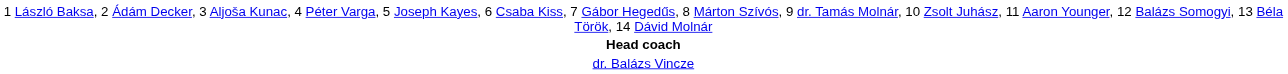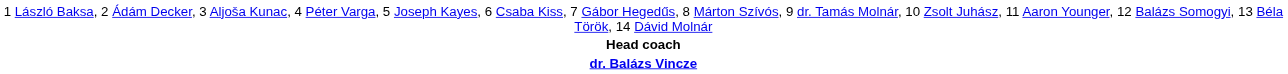 <table style="text-align: center; margin-top: 2em; margin-left: auto; margin-right: auto">
 <tr>
 <td>1 <a href='#'>László Baksa</a>, 2 <a href='#'>Ádám Decker</a>, 3 <a href='#'>Aljoša Kunac</a>, 4 <a href='#'>Péter Varga</a>, 5 <a href='#'>Joseph Kayes</a>, 6 <a href='#'>Csaba Kiss</a>, 7 <a href='#'>Gábor Hegedűs</a>, 8 <a href='#'>Márton Szívós</a>, 9 <a href='#'>dr. Tamás Molnár</a>, 10 <a href='#'>Zsolt Juhász</a>, 11 <a href='#'>Aaron Younger</a>, 12 <a href='#'>Balázs Somogyi</a>, 13 <a href='#'>Béla Török</a>, 14 <a href='#'>Dávid Molnár</a></td>
 </tr>
 <tr>
 <td><strong>Head coach</strong></td>
 </tr>
 <tr>
-<td><a href='#'>dr. Balázs Vincze</a></td>
+<td><strong><a href='#'>dr. Balázs Vincze</a></strong></td>
 </tr>
 </table>
